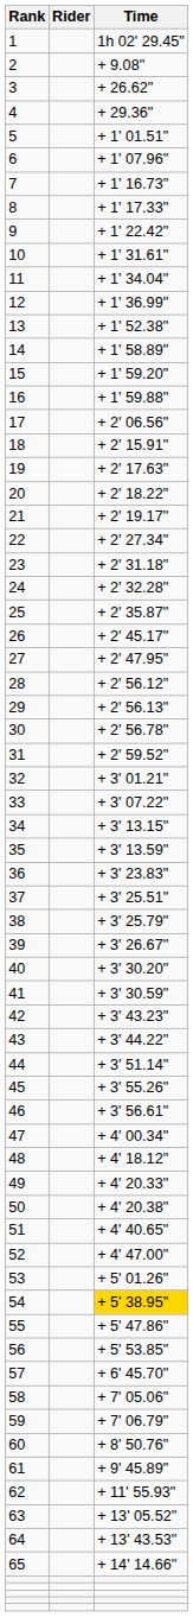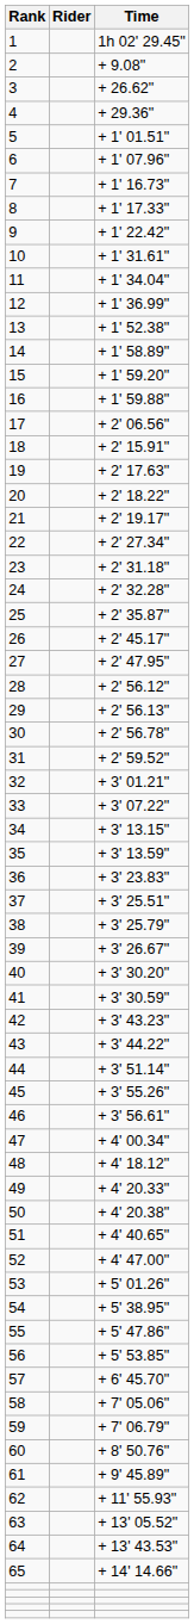 <table class="wikitable">
 <tr>
 <th>Rank</th>
 <th>Rider</th>
 <th>Time</th>
 </tr>
 <tr>
 <td>1</td>
 <td></td>
 <td>1h 02' 29.45"</td>
 </tr>
 <tr>
 <td>2</td>
 <td></td>
 <td>+ 9.08"</td>
 </tr>
 <tr>
 <td>3</td>
 <td></td>
 <td>+ 26.62"</td>
 </tr>
 <tr>
 <td>4</td>
 <td></td>
 <td>+ 29.36"</td>
 </tr>
 <tr>
 <td>5</td>
 <td></td>
 <td>+ 1' 01.51"</td>
 </tr>
 <tr>
 <td>6</td>
 <td></td>
 <td>+ 1' 07.96"</td>
 </tr>
 <tr>
 <td>7</td>
 <td></td>
 <td>+ 1' 16.73"</td>
 </tr>
 <tr>
 <td>8</td>
 <td></td>
 <td>+ 1' 17.33"</td>
 </tr>
 <tr>
 <td>9</td>
 <td></td>
 <td>+ 1' 22.42"</td>
 </tr>
 <tr>
 <td>10</td>
 <td></td>
 <td>+ 1' 31.61"</td>
 </tr>
 <tr>
 <td>11</td>
 <td></td>
 <td>+ 1' 34.04"</td>
 </tr>
 <tr>
 <td>12</td>
 <td></td>
 <td>+ 1' 36.99"</td>
 </tr>
 <tr>
 <td>13</td>
 <td></td>
 <td>+ 1' 52.38"</td>
 </tr>
 <tr>
 <td>14</td>
 <td></td>
 <td>+ 1' 58.89"</td>
 </tr>
 <tr>
 <td>15</td>
 <td></td>
 <td>+ 1' 59.20"</td>
 </tr>
 <tr>
 <td>16</td>
 <td></td>
 <td>+ 1' 59.88"</td>
 </tr>
 <tr>
 <td>17</td>
 <td></td>
 <td>+ 2' 06.56"</td>
 </tr>
 <tr>
 <td>18</td>
 <td></td>
 <td>+ 2' 15.91"</td>
 </tr>
 <tr>
 <td>19</td>
 <td></td>
 <td>+ 2' 17.63"</td>
 </tr>
 <tr>
 <td>20</td>
 <td></td>
 <td>+ 2' 18.22"</td>
 </tr>
 <tr>
 <td>21</td>
 <td></td>
 <td>+ 2' 19.17"</td>
 </tr>
 <tr>
 <td>22</td>
 <td></td>
 <td>+ 2' 27.34"</td>
 </tr>
 <tr>
 <td>23</td>
 <td></td>
 <td>+ 2' 31.18"</td>
 </tr>
 <tr>
 <td>24</td>
 <td></td>
 <td>+ 2' 32.28"</td>
 </tr>
 <tr>
 <td>25</td>
 <td></td>
 <td>+ 2' 35.87"</td>
 </tr>
 <tr>
 <td>26</td>
 <td></td>
 <td>+ 2' 45.17"</td>
 </tr>
 <tr>
 <td>27</td>
 <td></td>
 <td>+ 2' 47.95"</td>
 </tr>
 <tr>
 <td>28</td>
 <td></td>
 <td>+ 2' 56.12"</td>
 </tr>
 <tr>
 <td>29</td>
 <td></td>
 <td>+ 2' 56.13"</td>
 </tr>
 <tr>
 <td>30</td>
 <td></td>
 <td>+ 2' 56.78"</td>
 </tr>
 <tr>
 <td>31</td>
 <td></td>
 <td>+ 2' 59.52"</td>
 </tr>
 <tr>
 <td>32</td>
 <td></td>
 <td>+ 3' 01.21"</td>
 </tr>
 <tr>
 <td>33</td>
 <td></td>
 <td>+ 3' 07.22"</td>
 </tr>
 <tr>
 <td>34</td>
 <td></td>
 <td>+ 3' 13.15"</td>
 </tr>
 <tr>
 <td>35</td>
 <td></td>
 <td>+ 3' 13.59"</td>
 </tr>
 <tr>
 <td>36</td>
 <td></td>
 <td>+ 3' 23.83"</td>
 </tr>
 <tr>
 <td>37</td>
 <td></td>
 <td>+ 3' 25.51"</td>
 </tr>
 <tr>
 <td>38</td>
 <td></td>
 <td>+ 3' 25.79"</td>
 </tr>
 <tr>
 <td>39</td>
 <td></td>
 <td>+ 3' 26.67"</td>
 </tr>
 <tr>
 <td>40</td>
 <td></td>
 <td>+ 3' 30.20"</td>
 </tr>
 <tr>
 <td>41</td>
 <td></td>
 <td>+ 3' 30.59"</td>
 </tr>
 <tr>
 <td>42</td>
 <td></td>
 <td>+ 3' 43.23"</td>
 </tr>
 <tr>
 <td>43</td>
 <td></td>
 <td>+ 3' 44.22"</td>
 </tr>
 <tr>
 <td>44</td>
 <td></td>
 <td>+ 3' 51.14"</td>
 </tr>
 <tr>
 <td>45</td>
 <td></td>
 <td>+ 3' 55.26"</td>
 </tr>
 <tr>
 <td>46</td>
 <td></td>
 <td>+ 3' 56.61"</td>
 </tr>
 <tr>
 <td>47</td>
 <td></td>
 <td>+ 4' 00.34"</td>
 </tr>
 <tr>
 <td>48</td>
 <td></td>
 <td>+ 4' 18.12"</td>
 </tr>
 <tr>
 <td>49</td>
 <td></td>
 <td>+ 4' 20.33"</td>
 </tr>
 <tr>
 <td>50</td>
 <td></td>
 <td>+ 4' 20.38"</td>
 </tr>
 <tr>
 <td>51</td>
 <td></td>
 <td>+ 4' 40.65"</td>
 </tr>
 <tr>
 <td>52</td>
 <td></td>
 <td>+ 4' 47.00"</td>
 </tr>
 <tr>
 <td>53</td>
 <td></td>
 <td>+ 5' 01.26"</td>
 </tr>
 <tr>
 <td>54</td>
 <td></td>
-<td style="background: gold;">+ 5' 38.95"</td>
+<td>+ 5' 38.95"</td>
 </tr>
 <tr>
 <td>55</td>
 <td></td>
 <td>+ 5' 47.86"</td>
 </tr>
 <tr>
 <td>56</td>
 <td></td>
 <td>+ 5' 53.85"</td>
 </tr>
 <tr>
 <td>57</td>
 <td></td>
 <td>+ 6' 45.70"</td>
 </tr>
 <tr>
 <td>58</td>
 <td></td>
 <td>+ 7' 05.06"</td>
 </tr>
 <tr>
 <td>59</td>
 <td></td>
 <td>+ 7' 06.79"</td>
 </tr>
 <tr>
 <td>60</td>
 <td></td>
 <td>+ 8' 50.76"</td>
 </tr>
 <tr>
 <td>61</td>
 <td></td>
 <td>+ 9' 45.89"</td>
 </tr>
 <tr>
 <td>62</td>
 <td></td>
 <td>+ 11' 55.93"</td>
 </tr>
 <tr>
 <td>63</td>
 <td></td>
 <td>+ 13' 05.52"</td>
 </tr>
 <tr>
 <td>64</td>
 <td></td>
 <td>+ 13' 43.53"</td>
 </tr>
 <tr>
 <td>65</td>
 <td></td>
 <td>+ 14' 14.66"</td>
 </tr>
 <tr>
 <td></td>
 <td></td>
 <td></td>
 </tr>
 <tr>
 <td></td>
 <td></td>
 <td></td>
 </tr>
 <tr>
 <td></td>
 <td></td>
 <td></td>
 </tr>
 <tr>
 <td></td>
 <td></td>
 <td></td>
 </tr>
 <tr>
 <td></td>
 <td></td>
 <td></td>
 </tr>
 </table>
